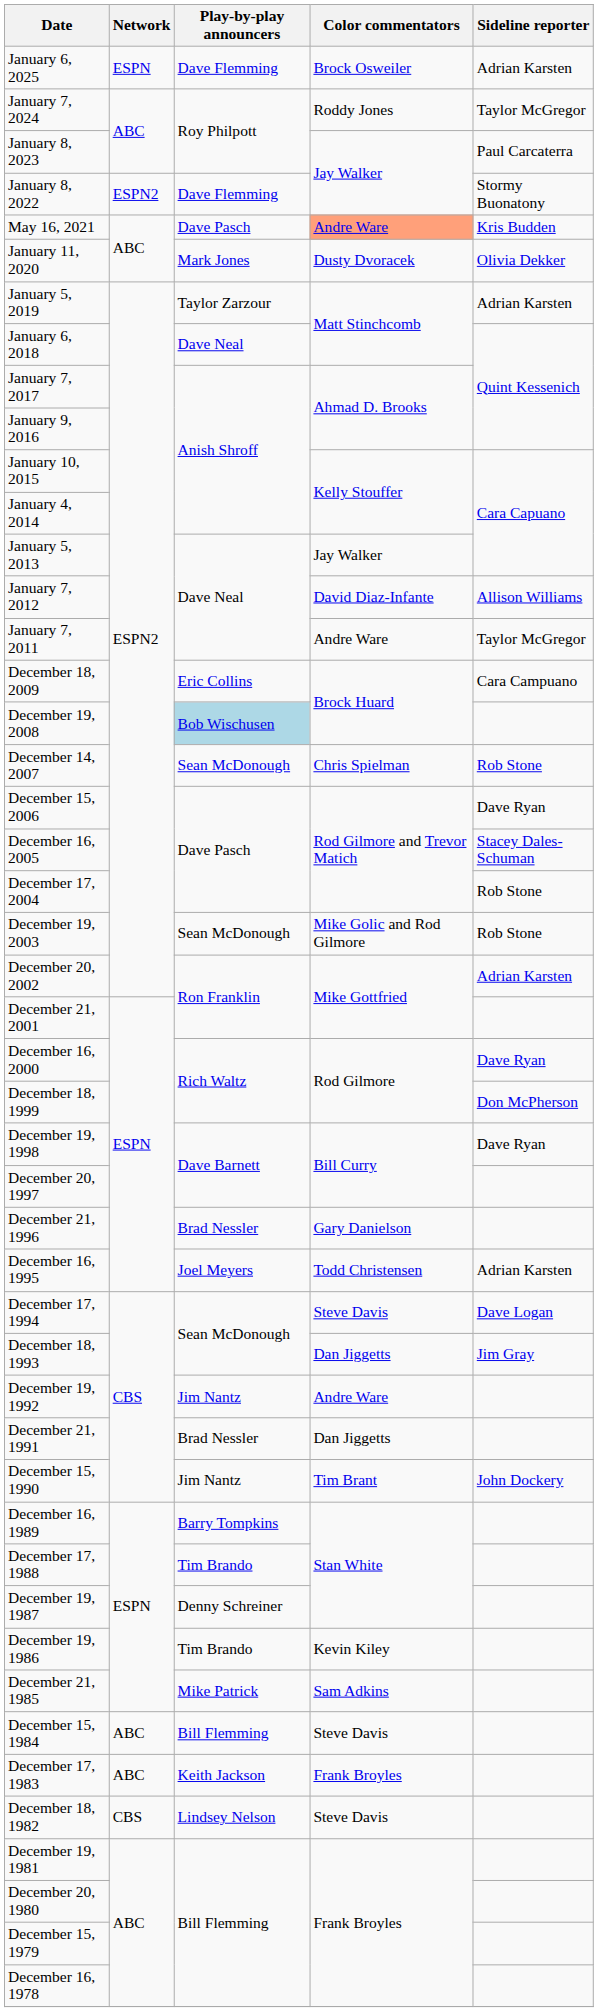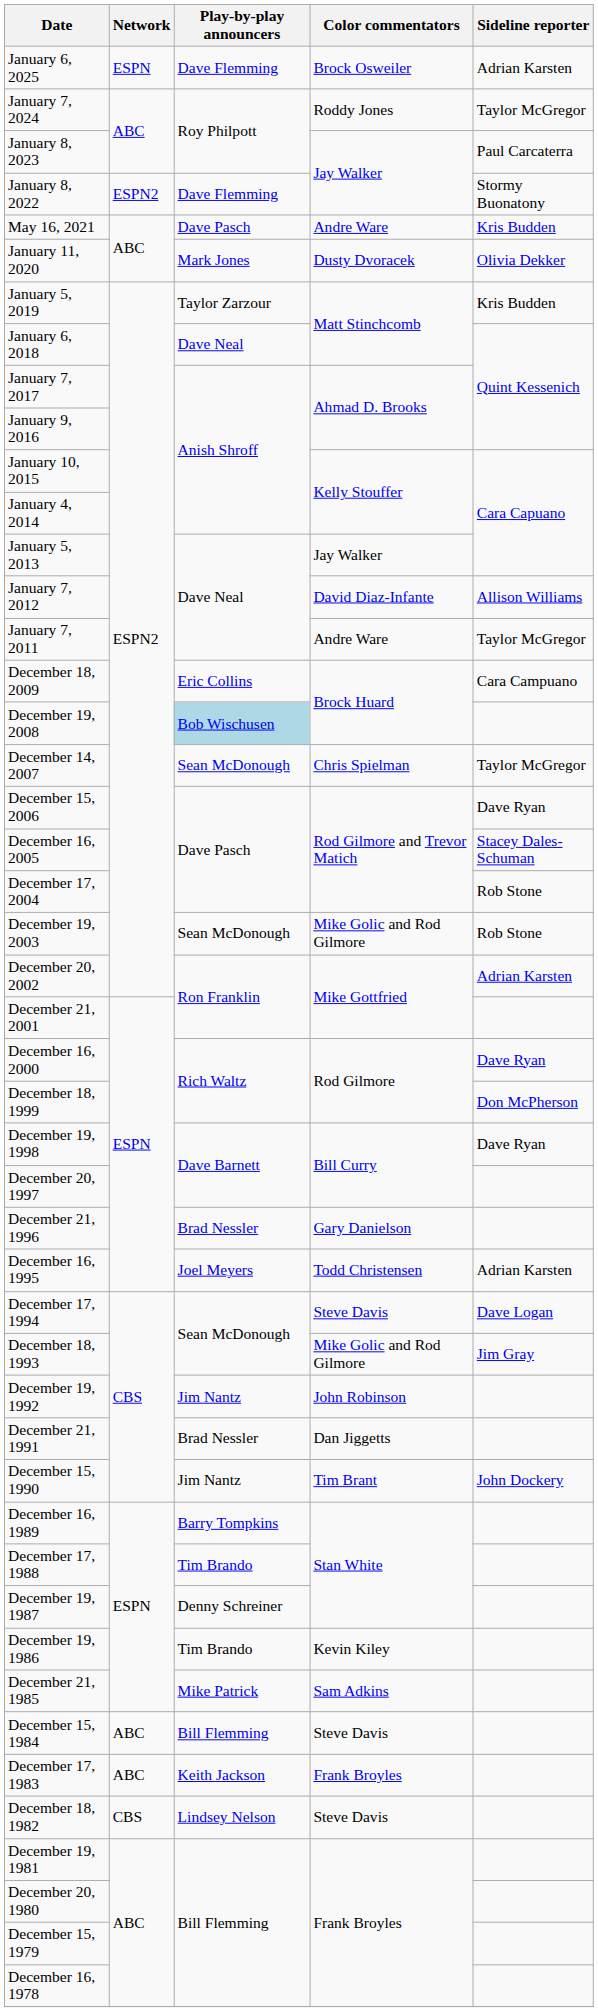 <table class="wikitable">
 <tr>
 <th width=px>Date</th>
 <th width=px>Network</th>
 <th width=px>Play-by-play announcers</th>
 <th width=px>Color commentators</th>
 <th width=px>Sideline reporter</th>
 </tr>
 <tr>
 <td>January 6, 2025</td>
 <td><a href='#'>ESPN</a></td>
 <td><a href='#'>Dave Flemming</a></td>
 <td><a href='#'>Brock Osweiler</a></td>
 <td>Adrian Karsten</td>
 </tr>
 <tr>
 <td>January 7, 2024</td>
 <td rowspan=2><a href='#'>ABC</a></td>
 <td rowspan=2>Roy Philpott</td>
 <td>Roddy Jones</td>
 <td>Taylor McGregor</td>
 </tr>
 <tr>
 <td>January 8, 2023</td>
 <td rowspan=2><a href='#'>Jay Walker</a></td>
 <td>Paul Carcaterra</td>
 </tr>
 <tr>
 <td>January 8, 2022</td>
 <td><a href='#'>ESPN2</a></td>
 <td><a href='#'>Dave Flemming</a></td>
 <td>Stormy Buonatony</td>
 </tr>
 <tr>
 <td>May 16, 2021</td>
 <td rowspan=2>ABC</td>
 <td><a href='#'>Dave Pasch</a></td>
-<td style="background: lightsalmon;"><a href='#'>Andre Ware</a></td>
+<td><a href='#'>Andre Ware</a></td>
 <td><a href='#'>Kris Budden</a></td>
 </tr>
 <tr>
 <td>January 11, 2020</td>
 <td><a href='#'>Mark Jones</a></td>
 <td><a href='#'>Dusty Dvoracek</a></td>
 <td><a href='#'>Olivia Dekker</a></td>
 </tr>
 <tr>
 <td>January 5, 2019</td>
 <td rowspan=17>ESPN2</td>
 <td>Taylor Zarzour</td>
 <td rowspan=2><a href='#'>Matt Stinchcomb</a></td>
-<td>Adrian Karsten</td>
+<td>Kris Budden</td>
 </tr>
 <tr>
 <td>January 6, 2018</td>
 <td><a href='#'>Dave Neal</a></td>
 <td rowspan=3><a href='#'>Quint Kessenich</a></td>
 </tr>
 <tr>
 <td>January 7, 2017</td>
 <td rowspan=4><a href='#'>Anish Shroff</a></td>
 <td rowspan=2><a href='#'>Ahmad D. Brooks</a></td>
 </tr>
 <tr>
 <td>January 9, 2016</td>
 </tr>
 <tr>
 <td>January 10, 2015</td>
 <td rowspan=2><a href='#'>Kelly Stouffer</a></td>
 <td rowspan=3><a href='#'>Cara Capuano</a></td>
 </tr>
 <tr>
 <td>January 4, 2014</td>
 </tr>
 <tr>
 <td>January 5, 2013</td>
 <td rowspan=3>Dave Neal</td>
 <td>Jay Walker</td>
 </tr>
 <tr>
 <td>January 7, 2012</td>
 <td><a href='#'>David Diaz-Infante</a></td>
 <td><a href='#'>Allison Williams</a></td>
 </tr>
 <tr>
 <td>January 7, 2011</td>
 <td>Andre Ware</td>
 <td>Taylor McGregor</td>
 </tr>
 <tr>
 <td>December 18, 2009</td>
 <td><a href='#'>Eric Collins</a></td>
 <td rowspan=2><a href='#'>Brock Huard</a></td>
 <td>Cara Campuano</td>
 </tr>
 <tr>
 <td>December 19, 2008</td>
 <td style="background: lightblue;"><a href='#'>Bob Wischusen</a></td>
 <td></td>
 </tr>
 <tr>
 <td>December 14, 2007</td>
 <td><a href='#'>Sean McDonough</a></td>
 <td><a href='#'>Chris Spielman</a></td>
-<td><a href='#'>Rob Stone</a></td>
+<td>Taylor McGregor</td>
 </tr>
 <tr>
 <td>December 15, 2006</td>
 <td rowspan=3>Dave Pasch</td>
 <td rowspan=3><a href='#'>Rod Gilmore</a> and <a href='#'>Trevor Matich</a></td>
 <td>Dave Ryan</td>
 </tr>
 <tr>
 <td>December 16, 2005</td>
 <td><a href='#'>Stacey Dales-Schuman</a></td>
 </tr>
 <tr>
 <td>December 17, 2004</td>
 <td>Rob Stone</td>
 </tr>
 <tr>
 <td>December 19, 2003</td>
 <td>Sean McDonough</td>
 <td><a href='#'>Mike Golic</a> and Rod Gilmore</td>
 <td>Rob Stone</td>
 </tr>
 <tr>
 <td>December 20, 2002</td>
 <td rowspan=2><a href='#'>Ron Franklin</a></td>
 <td rowspan=2><a href='#'>Mike Gottfried</a></td>
 <td><a href='#'>Adrian Karsten</a></td>
 </tr>
 <tr>
 <td>December 21, 2001</td>
 <td rowspan=7><a href='#'>ESPN</a></td>
 <td></td>
 </tr>
 <tr>
 <td>December 16, 2000</td>
 <td rowspan=2><a href='#'>Rich Waltz</a></td>
 <td rowspan=2>Rod Gilmore</td>
 <td><a href='#'>Dave Ryan</a></td>
 </tr>
 <tr>
 <td>December 18, 1999</td>
 <td><a href='#'>Don McPherson</a></td>
 </tr>
 <tr>
 <td>December 19, 1998</td>
 <td rowspan=2><a href='#'>Dave Barnett</a></td>
 <td rowspan=2><a href='#'>Bill Curry</a></td>
 <td>Dave Ryan</td>
 </tr>
 <tr>
 <td>December 20, 1997</td>
 <td></td>
 </tr>
 <tr>
 <td>December 21, 1996</td>
 <td><a href='#'>Brad Nessler</a></td>
 <td><a href='#'>Gary Danielson</a></td>
 <td></td>
 </tr>
 <tr>
 <td>December 16, 1995</td>
 <td><a href='#'>Joel Meyers</a></td>
 <td><a href='#'>Todd Christensen</a></td>
 <td>Adrian Karsten</td>
 </tr>
 <tr>
 <td>December 17, 1994</td>
 <td rowspan=5><a href='#'>CBS</a></td>
 <td rowspan=2>Sean McDonough</td>
 <td><a href='#'>Steve Davis</a></td>
 <td><a href='#'>Dave Logan</a></td>
 </tr>
 <tr>
 <td>December 18, 1993</td>
-<td><a href='#'>Dan Jiggetts</a></td>
+<td><a href='#'>Mike Golic</a> and Rod Gilmore</td>
 <td><a href='#'>Jim Gray</a></td>
 </tr>
 <tr>
 <td>December 19, 1992</td>
 <td><a href='#'>Jim Nantz</a></td>
-<td><a href='#'>Andre Ware</a></td>
+<td><a href='#'>John Robinson</a></td>
 <td></td>
 </tr>
 <tr>
 <td>December 21, 1991</td>
 <td>Brad Nessler</td>
 <td>Dan Jiggetts</td>
 <td></td>
 </tr>
 <tr>
 <td>December 15, 1990</td>
 <td>Jim Nantz</td>
 <td><a href='#'>Tim Brant</a></td>
 <td><a href='#'>John Dockery</a></td>
 </tr>
 <tr>
 <td>December 16, 1989</td>
 <td rowspan=5>ESPN</td>
 <td><a href='#'>Barry Tompkins</a></td>
 <td rowspan=3><a href='#'>Stan White</a></td>
 <td></td>
 </tr>
 <tr>
 <td>December 17, 1988</td>
 <td><a href='#'>Tim Brando</a></td>
 <td></td>
 </tr>
 <tr>
 <td>December 19, 1987</td>
 <td>Denny Schreiner</td>
 <td></td>
 </tr>
 <tr>
 <td>December 19, 1986</td>
 <td>Tim Brando</td>
 <td>Kevin Kiley</td>
 <td></td>
 </tr>
 <tr>
 <td>December 21, 1985</td>
 <td><a href='#'>Mike Patrick</a></td>
 <td><a href='#'>Sam Adkins</a></td>
 <td></td>
 </tr>
 <tr>
 <td>December 15, 1984</td>
 <td>ABC</td>
 <td><a href='#'>Bill Flemming</a></td>
 <td>Steve Davis</td>
 <td></td>
 </tr>
 <tr>
 <td>December 17, 1983</td>
 <td>ABC</td>
 <td><a href='#'>Keith Jackson</a></td>
 <td><a href='#'>Frank Broyles</a></td>
 <td></td>
 </tr>
 <tr>
 <td>December 18, 1982</td>
 <td>CBS</td>
 <td><a href='#'>Lindsey Nelson</a></td>
 <td>Steve Davis</td>
 <td></td>
 </tr>
 <tr>
 <td>December 19, 1981</td>
 <td Rowspan=4>ABC</td>
 <td rowspan=4>Bill Flemming</td>
 <td rowspan=4>Frank Broyles</td>
 <td></td>
 </tr>
 <tr>
 <td>December 20, 1980</td>
 <td></td>
 </tr>
 <tr>
 <td>December 15, 1979</td>
 <td></td>
 </tr>
 <tr>
 <td>December 16, 1978</td>
 <td></td>
 </tr>
 <tr>
 </tr>
 </table>
